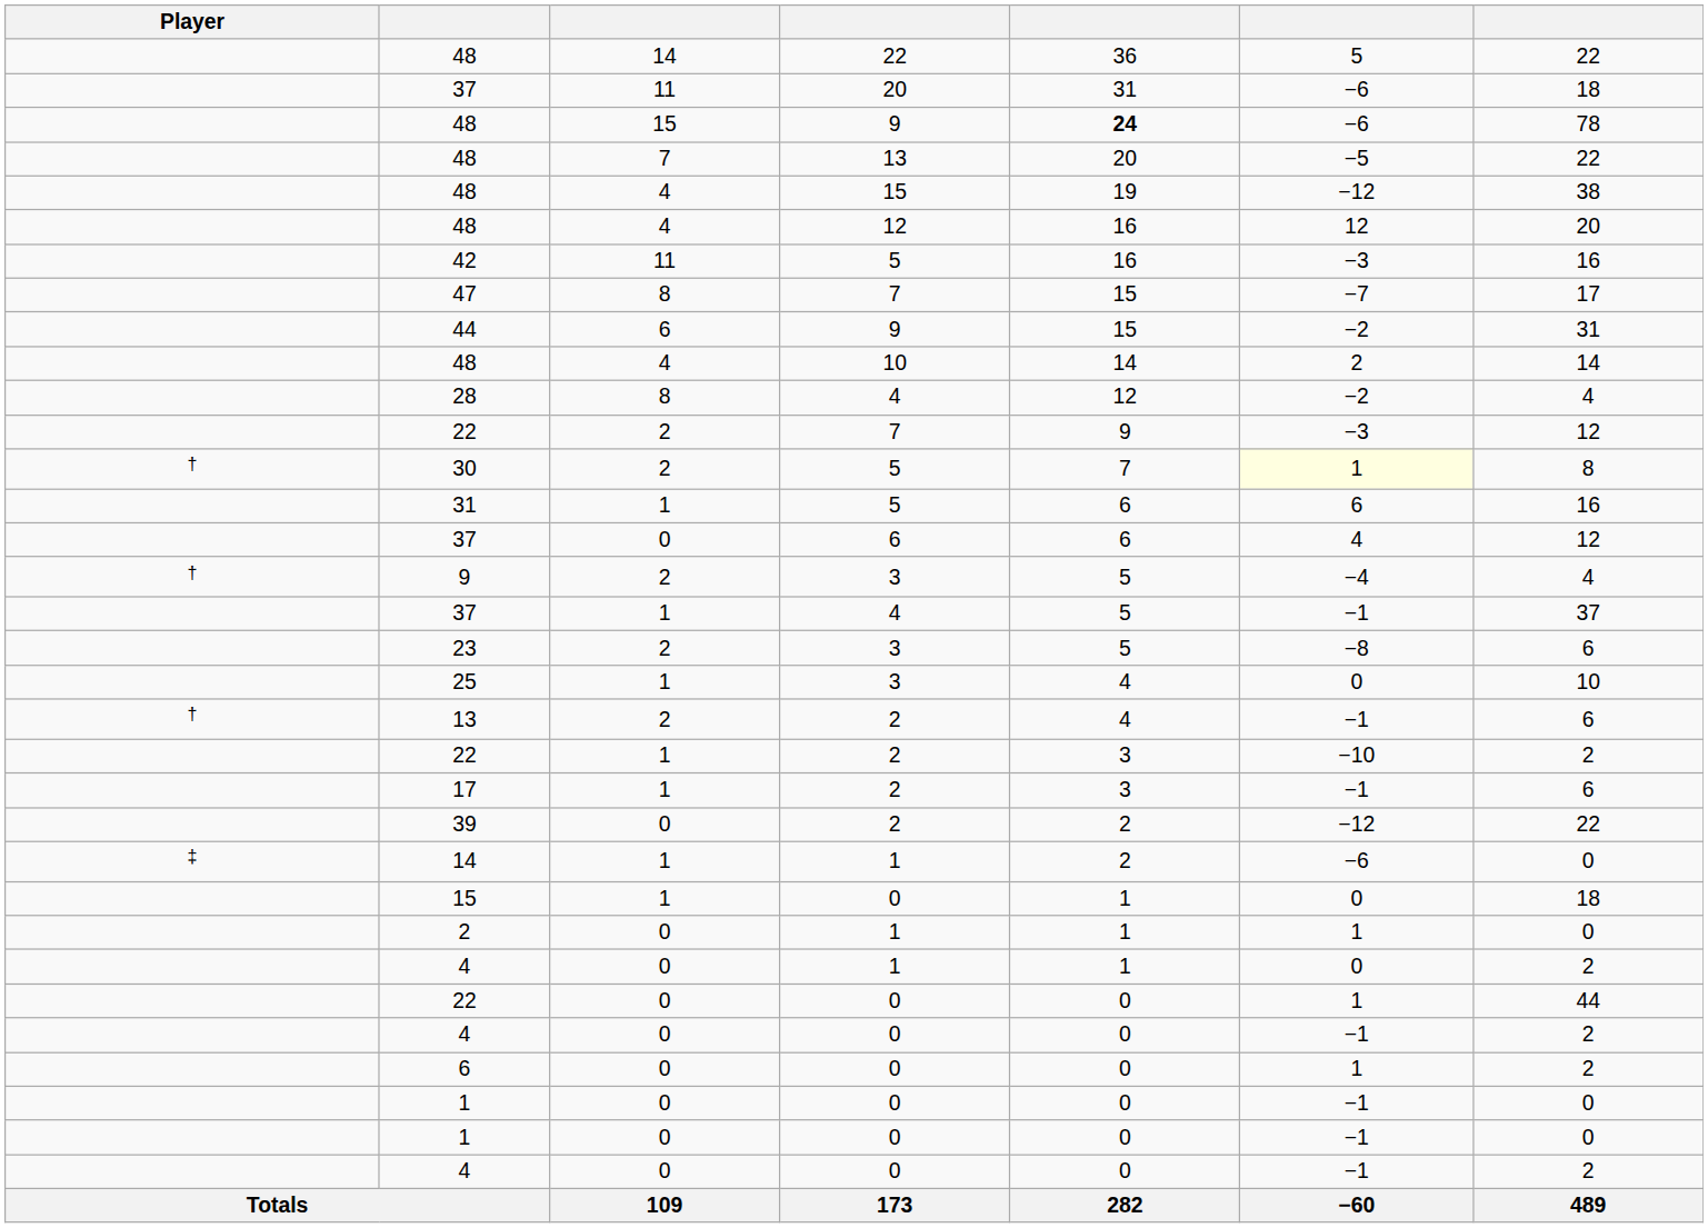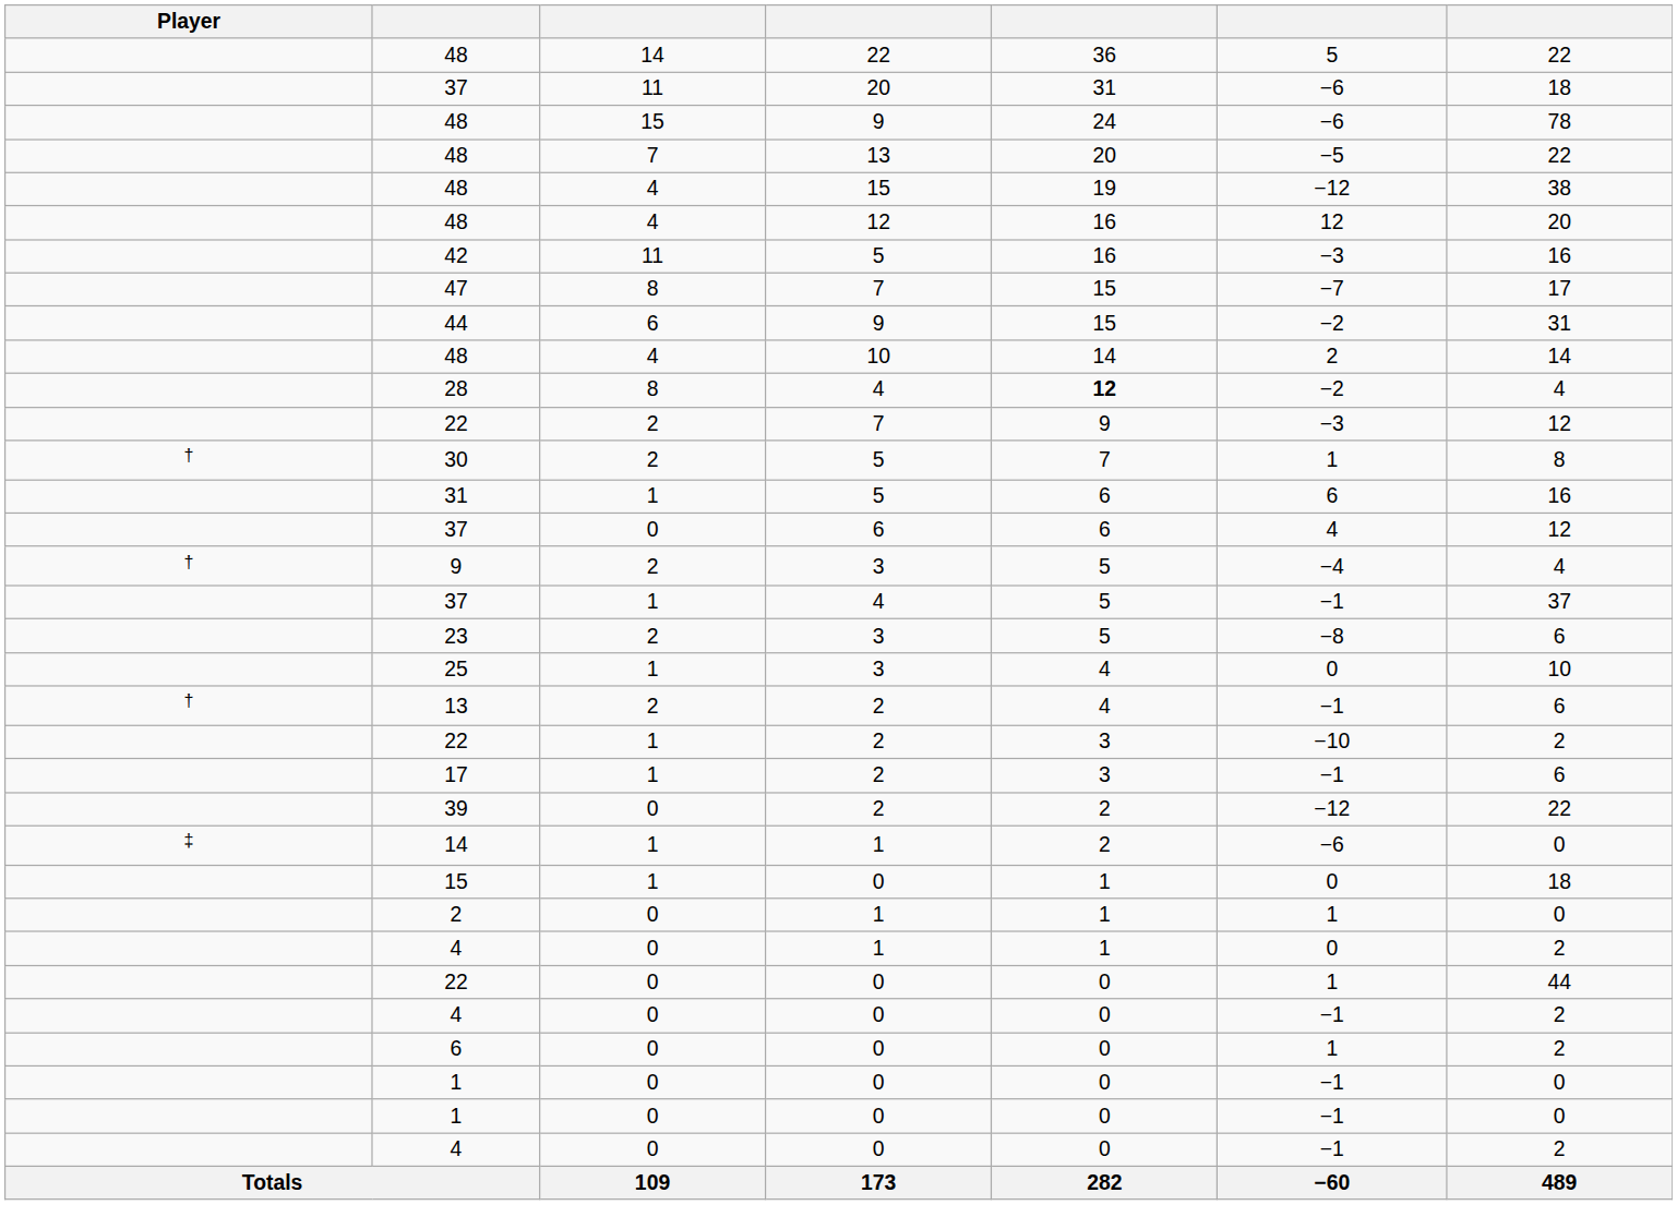 <table class="wikitable sortable" style="width:100%; text-align:center;">
 <tr>
 <th>Player</th>
 <th></th>
 <th></th>
 <th></th>
 <th></th>
 <th data-sort-type="number"></th>
 <th></th>
 </tr>
 <tr>
 <td></td>
 <td>48</td>
 <td>14</td>
 <td>22</td>
 <td>36</td>
 <td>5</td>
 <td>22</td>
 </tr>
 <tr>
 <td></td>
 <td>37</td>
 <td>11</td>
 <td>20</td>
 <td>31</td>
 <td>−6</td>
 <td>18</td>
 </tr>
 <tr>
 <td></td>
 <td>48</td>
 <td>15</td>
 <td>9</td>
-<td><strong>24</strong></td>
+<td>24</td>
 <td>−6</td>
 <td>78</td>
 </tr>
 <tr>
 <td></td>
 <td>48</td>
 <td>7</td>
 <td>13</td>
 <td>20</td>
 <td>−5</td>
 <td>22</td>
 </tr>
 <tr>
 <td></td>
 <td>48</td>
 <td>4</td>
 <td>15</td>
 <td>19</td>
 <td>−12</td>
 <td>38</td>
 </tr>
 <tr>
 <td></td>
 <td>48</td>
 <td>4</td>
 <td>12</td>
 <td>16</td>
 <td>12</td>
 <td>20</td>
 </tr>
 <tr>
 <td></td>
 <td>42</td>
 <td>11</td>
 <td>5</td>
 <td>16</td>
 <td>−3</td>
 <td>16</td>
 </tr>
 <tr>
 <td></td>
 <td>47</td>
 <td>8</td>
 <td>7</td>
 <td>15</td>
 <td>−7</td>
 <td>17</td>
 </tr>
 <tr>
 <td></td>
 <td>44</td>
 <td>6</td>
 <td>9</td>
 <td>15</td>
 <td>−2</td>
 <td>31</td>
 </tr>
 <tr>
 <td></td>
 <td>48</td>
 <td>4</td>
 <td>10</td>
 <td>14</td>
 <td>2</td>
 <td>14</td>
 </tr>
 <tr>
 <td></td>
 <td>28</td>
 <td>8</td>
 <td>4</td>
-<td>12</td>
+<td><strong>12</strong></td>
 <td>−2</td>
 <td>4</td>
 </tr>
 <tr>
 <td></td>
 <td>22</td>
 <td>2</td>
 <td>7</td>
 <td>9</td>
 <td>−3</td>
 <td>12</td>
 </tr>
 <tr>
 <td><sup>†</sup></td>
 <td>30</td>
 <td>2</td>
 <td>5</td>
 <td>7</td>
-<td style="background: lightyellow;">1</td>
+<td>1</td>
 <td>8</td>
 </tr>
 <tr>
 <td></td>
 <td>31</td>
 <td>1</td>
 <td>5</td>
 <td>6</td>
 <td>6</td>
 <td>16</td>
 </tr>
 <tr>
 <td></td>
 <td>37</td>
 <td>0</td>
 <td>6</td>
 <td>6</td>
 <td>4</td>
 <td>12</td>
 </tr>
 <tr>
 <td><sup>†</sup></td>
 <td>9</td>
 <td>2</td>
 <td>3</td>
 <td>5</td>
 <td>−4</td>
 <td>4</td>
 </tr>
 <tr>
 <td></td>
 <td>37</td>
 <td>1</td>
 <td>4</td>
 <td>5</td>
 <td>−1</td>
 <td>37</td>
 </tr>
 <tr>
 <td></td>
 <td>23</td>
 <td>2</td>
 <td>3</td>
 <td>5</td>
 <td>−8</td>
 <td>6</td>
 </tr>
 <tr>
 <td></td>
 <td>25</td>
 <td>1</td>
 <td>3</td>
 <td>4</td>
 <td>0</td>
 <td>10</td>
 </tr>
 <tr>
 <td><sup>†</sup></td>
 <td>13</td>
 <td>2</td>
 <td>2</td>
 <td>4</td>
 <td>−1</td>
 <td>6</td>
 </tr>
 <tr>
 <td></td>
 <td>22</td>
 <td>1</td>
 <td>2</td>
 <td>3</td>
 <td>−10</td>
 <td>2</td>
 </tr>
 <tr>
 <td></td>
 <td>17</td>
 <td>1</td>
 <td>2</td>
 <td>3</td>
 <td>−1</td>
 <td>6</td>
 </tr>
 <tr>
 <td></td>
 <td>39</td>
 <td>0</td>
 <td>2</td>
 <td>2</td>
 <td>−12</td>
 <td>22</td>
 </tr>
 <tr>
 <td><sup>‡</sup></td>
 <td>14</td>
 <td>1</td>
 <td>1</td>
 <td>2</td>
 <td>−6</td>
 <td>0</td>
 </tr>
 <tr>
 <td></td>
 <td>15</td>
 <td>1</td>
 <td>0</td>
 <td>1</td>
 <td>0</td>
 <td>18</td>
 </tr>
 <tr>
 <td></td>
 <td>2</td>
 <td>0</td>
 <td>1</td>
 <td>1</td>
 <td>1</td>
 <td>0</td>
 </tr>
 <tr>
 <td></td>
 <td>4</td>
 <td>0</td>
 <td>1</td>
 <td>1</td>
 <td>0</td>
 <td>2</td>
 </tr>
 <tr>
 <td></td>
 <td>22</td>
 <td>0</td>
 <td>0</td>
 <td>0</td>
 <td>1</td>
 <td>44</td>
 </tr>
 <tr>
 <td></td>
 <td>4</td>
 <td>0</td>
 <td>0</td>
 <td>0</td>
 <td>−1</td>
 <td>2</td>
 </tr>
 <tr>
 <td></td>
 <td>6</td>
 <td>0</td>
 <td>0</td>
 <td>0</td>
 <td>1</td>
 <td>2</td>
 </tr>
 <tr>
 <td></td>
 <td>1</td>
 <td>0</td>
 <td>0</td>
 <td>0</td>
 <td>−1</td>
 <td>0</td>
 </tr>
 <tr>
 <td></td>
 <td>1</td>
 <td>0</td>
 <td>0</td>
 <td>0</td>
 <td>−1</td>
 <td>0</td>
 </tr>
 <tr>
 <td></td>
 <td>4</td>
 <td>0</td>
 <td>0</td>
 <td>0</td>
 <td>−1</td>
 <td>2</td>
 </tr>
 <tr class="unsortable">
 <th colspan=2>Totals</th>
 <th>109</th>
 <th>173</th>
 <th>282</th>
 <th>−60</th>
 <th>489</th>
 </tr>
 </table>
